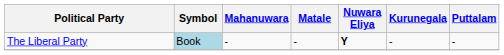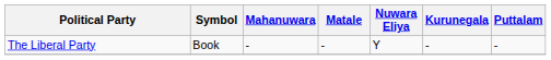 <table class="wikitable" style="width:750px; margin: 1em auto 1em auto">
 <tr>
 <th width="40%">Political Party</th>
 <th width="10%">Symbol</th>
 <th width="10%"><a href='#'>Mahanuwara</a></th>
 <th width="10%"><a href='#'>Matale</a></th>
 <th width="10%"><a href='#'>Nuwara Eliya</a></th>
 <th width="10%"><a href='#'>Kurunegala</a></th>
 <th width="10%"><a href='#'>Puttalam</a></th>
 </tr>
 <tr>
 <td><a href='#'>The Liberal Party</a></td>
-<td style="background: lightblue;">Book</td>
+<td>Book</td>
 <td>-</td>
 <td>-</td>
-<td><strong>Y</strong></td>
+<td>Y</td>
 <td>-</td>
 <td>-</td>
 </tr>
 <tr>
 </tr>
 </table>
